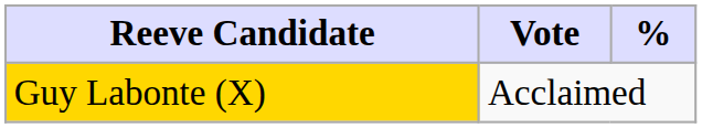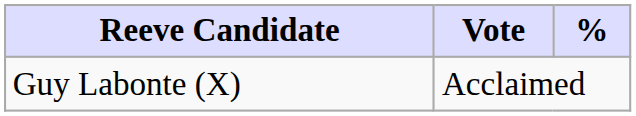 <table class="wikitable">
 <tr>
 <th style="background:#ddf; width:200px;">Reeve Candidate</th>
 <th style="background:#ddf; width:50px;">Vote</th>
 <th style="background:#ddf; width:30px;">%</th>
 </tr>
 <tr>
-<td style="background: gold;">Guy Labonte (X)</td>
+<td>Guy Labonte (X)</td>
 <td colspan="2">Acclaimed</td>
 </tr>
 </table>
